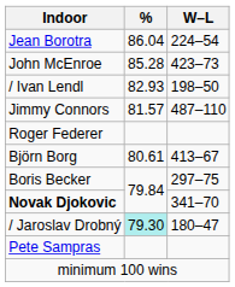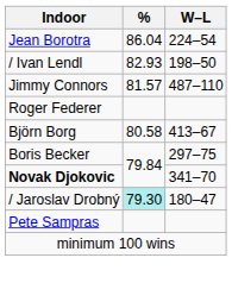 <table class=wikitable style="display:inline-table; font-size: 95%;">
 <tr>
 <th>Indoor</th>
 <th>%</th>
 <th>W–L</th>
 </tr>
 <tr>
 <td> <a href='#'>Jean Borotra</a></td>
 <td>86.04</td>
 <td>224–54 </td>
-</tr>
-<tr>
-<td> John McEnroe</td>
-<td>85.28</td>
-<td>423–73 </td>
 </tr>
 <tr>
 <td>/ Ivan Lendl</td>
 <td>82.93</td>
 <td>198–50</td>
 </tr>
 <tr>
 <td> Jimmy Connors</td>
 <td>81.57</td>
 <td>487–110 </td>
 </tr>
 <tr>
 <td> Roger Federer</td>
 <td></td>
 </tr>
 <tr>
 <td> Björn Borg</td>
-<td>80.61</td>
+<td>80.58</td>
 <td>413–67</td>
 </tr>
 <tr>
 <td> Boris Becker</td>
 <td rowspan="2">79.84</td>
 <td>297–75</td>
 </tr>
 <tr>
 <td> <strong>Novak Djokovic</strong></td>
 <td>341–70</td>
 </tr>
 <tr>
 <td>/ Jaroslav Drobný</td>
 <td style="background: paleturquoise;">79.30</td>
 <td>180–47</td>
 </tr>
 <tr>
 <td> <a href='#'>Pete Sampras</a></td>
 <td></td>
 </tr>
 <tr>
 <td colspan="3" style="text-align:center;">minimum 100 wins</td>
 </tr>
 </table>
